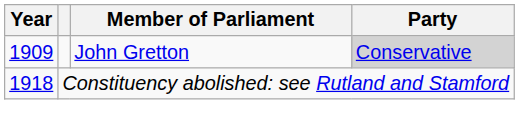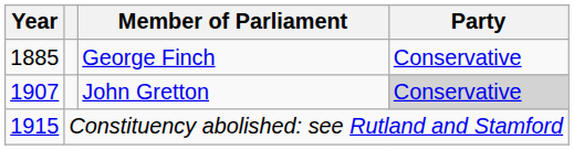 <table class="wikitable">
 <tr>
 <th>Year</th>
 <th></th>
 <th>Member of Parliament</th>
 <th>Party</th>
 </tr>
 <tr>
-<td><a href='#'>1909</a></td>
+<td>1885</td>
+<td style="color:inherit;background-color: "></td>
+<td><a href='#'>George Finch</a></td>
+<td><a href='#'>Conservative</a></td>
+</tr>
+<tr>
+<td><a href='#'>1907</a></td>
 <td style="color:inherit;background-color: "></td>
 <td><a href='#'>John Gretton</a></td>
 <td style="background: lightgrey;"><a href='#'>Conservative</a></td>
 </tr>
 <tr>
-<td><a href='#'>1918</a></td>
+<td><a href='#'>1915</a></td>
 <td colspan="3"><em>Constituency abolished: see <a href='#'>Rutland and Stamford</a></em></td>
 </tr>
 </table>
